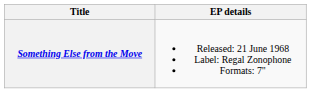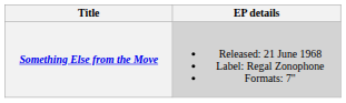 <table class="wikitable plainrowheaders" style="text-align:center;">
 <tr>
 <th scope="col" style="width:15em;">Title</th>
 <th scope="col" style="width:15em;">EP details</th>
 </tr>
 <tr>
 <th scope="row"><em><a href='#'>Something Else from the Move</a></em></th>
-<td><br><ul><li>Released: 21 June 1968</li><li>Label: Regal Zonophone</li><li>Formats: 7"</li></ul></td>
+<td style="background: lightgrey;"><br><ul><li>Released: 21 June 1968</li><li>Label: Regal Zonophone</li><li>Formats: 7"</li></ul></td>
 </tr>
 </table>
